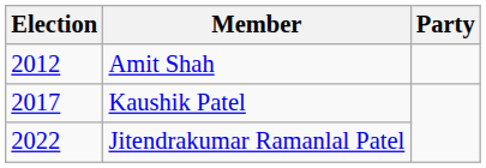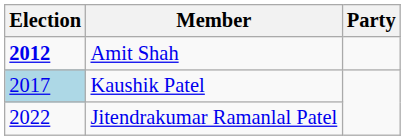 <table class="wikitable sortable">
 <tr>
 <th>Election</th>
 <th>Member</th>
 <th colspan=2>Party</th>
 </tr>
 <tr>
-<td><a href='#'>2012</a></td>
+<td><strong><a href='#'>2012</a></strong></td>
 <td><a href='#'>Amit Shah</a></td>
 <td></td>
 </tr>
 <tr>
-<td><a href='#'>2017</a></td>
+<td style="background: lightblue;"><a href='#'>2017</a></td>
 <td><a href='#'>Kaushik Patel</a></td>
 </tr>
 <tr>
 <td><a href='#'>2022</a></td>
 <td><a href='#'>Jitendrakumar Ramanlal Patel</a></td>
 </tr>
 </table>
